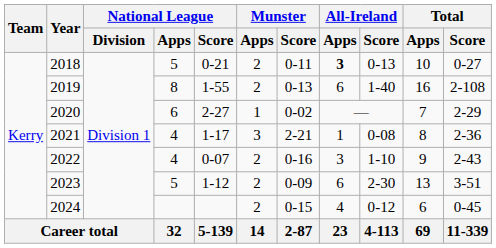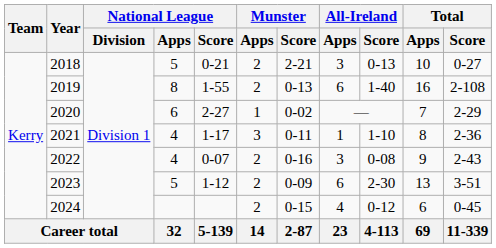 <table class="wikitable" style="text-align:center">
 <tr>
 <th rowspan="2">Team</th>
 <th rowspan="2">Year</th>
 <th colspan="3"><a href='#'>National League</a></th>
 <th colspan="2"><a href='#'>Munster</a></th>
 <th colspan="2"><a href='#'>All-Ireland</a></th>
 <th colspan="2">Total</th>
 </tr>
 <tr>
 <th>Division</th>
 <th>Apps</th>
 <th>Score</th>
 <th>Apps</th>
 <th>Score</th>
 <th>Apps</th>
 <th>Score</th>
 <th>Apps</th>
 <th>Score</th>
 </tr>
 <tr>
 <td rowspan="7"><a href='#'>Kerry</a></td>
 <td>2018</td>
 <td rowspan="7"><a href='#'>Division 1</a></td>
 <td>5</td>
 <td>0-21</td>
 <td>2</td>
-<td>0-11</td>
-<td><strong>3</strong></td>
+<td>2-21</td>
+<td>3</td>
 <td>0-13</td>
 <td>10</td>
 <td>0-27</td>
 </tr>
 <tr>
 <td>2019</td>
 <td>8</td>
 <td>1-55</td>
 <td>2</td>
 <td>0-13</td>
 <td>6</td>
 <td>1-40</td>
 <td>16</td>
 <td>2-108</td>
 </tr>
 <tr>
 <td>2020</td>
 <td>6</td>
 <td>2-27</td>
 <td>1</td>
 <td>0-02</td>
 <td colspan=2>—</td>
 <td>7</td>
 <td>2-29</td>
 </tr>
 <tr>
 <td>2021</td>
 <td>4</td>
 <td>1-17</td>
 <td>3</td>
-<td>2-21</td>
+<td>0-11</td>
 <td>1</td>
-<td>0-08</td>
+<td>1-10</td>
 <td>8</td>
 <td>2-36</td>
 </tr>
 <tr>
 <td>2022</td>
 <td>4</td>
 <td>0-07</td>
 <td>2</td>
 <td>0-16</td>
 <td>3</td>
-<td>1-10</td>
+<td>0-08</td>
 <td>9</td>
 <td>2-43</td>
 </tr>
 <tr>
 <td>2023</td>
 <td>5</td>
 <td>1-12</td>
 <td>2</td>
 <td>0-09</td>
 <td>6</td>
 <td>2-30</td>
 <td>13</td>
 <td>3-51</td>
 </tr>
 <tr>
 <td>2024</td>
 <td></td>
 <td></td>
 <td>2</td>
 <td>0-15</td>
 <td>4</td>
 <td>0-12</td>
 <td>6</td>
 <td>0-45</td>
 </tr>
 <tr>
 <th colspan="3">Career total</th>
 <th>32</th>
 <th>5-139</th>
 <th>14</th>
 <th>2-87</th>
 <th>23</th>
 <th>4-113</th>
 <th>69</th>
 <th>11-339</th>
 </tr>
 </table>
